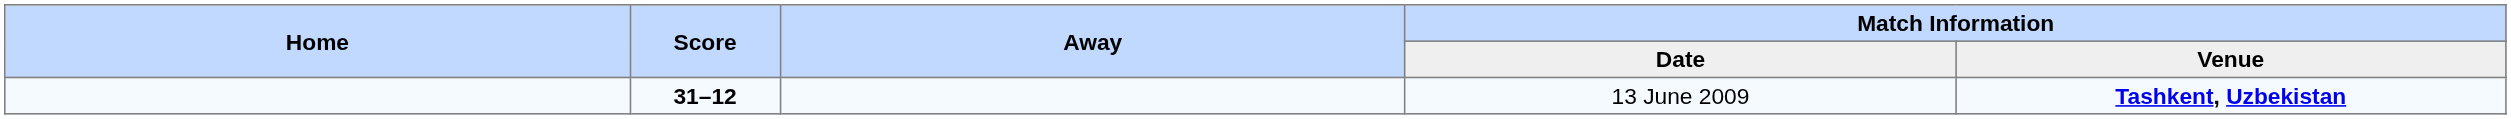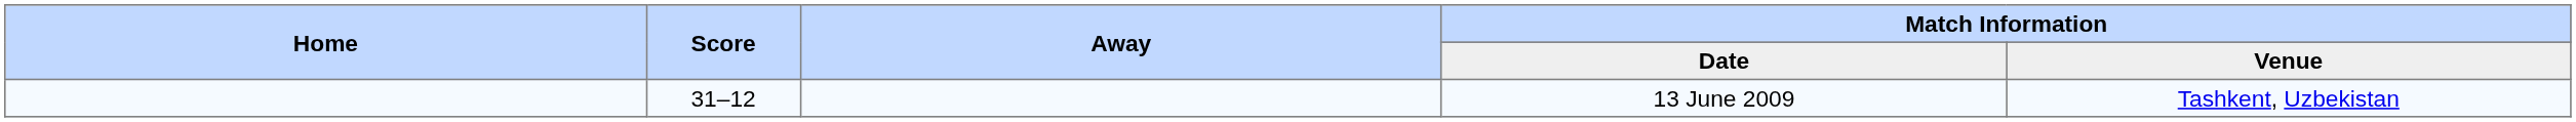 <table border=1 style="border-collapse:collapse; font-size:90%; text-align:center;" cellpadding=3 cellspacing=0 width=100%>
 <tr bgcolor=#C1D8FF>
 <th rowspan=2 width=25%>Home</th>
 <th rowspan=2 width=6%>Score</th>
 <th rowspan=2 width=25%>Away</th>
 <th colspan=6>Match Information</th>
 </tr>
 <tr bgcolor=#EFEFEF>
 <th width=22%>Date</th>
 <th width=22%>Venue</th>
 </tr>
 <tr bgcolor=#F5FAFF>
 <td align=right><strong></strong></td>
-<td><strong>31–12</strong></td>
+<td>31–12</td>
 <td align=left></td>
 <td>13 June 2009</td>
-<td><strong><a href='#'>Tashkent</a>, <a href='#'>Uzbekistan</a></strong></td>
+<td><a href='#'>Tashkent</a>, <a href='#'>Uzbekistan</a></td>
 </tr>
 </table>
